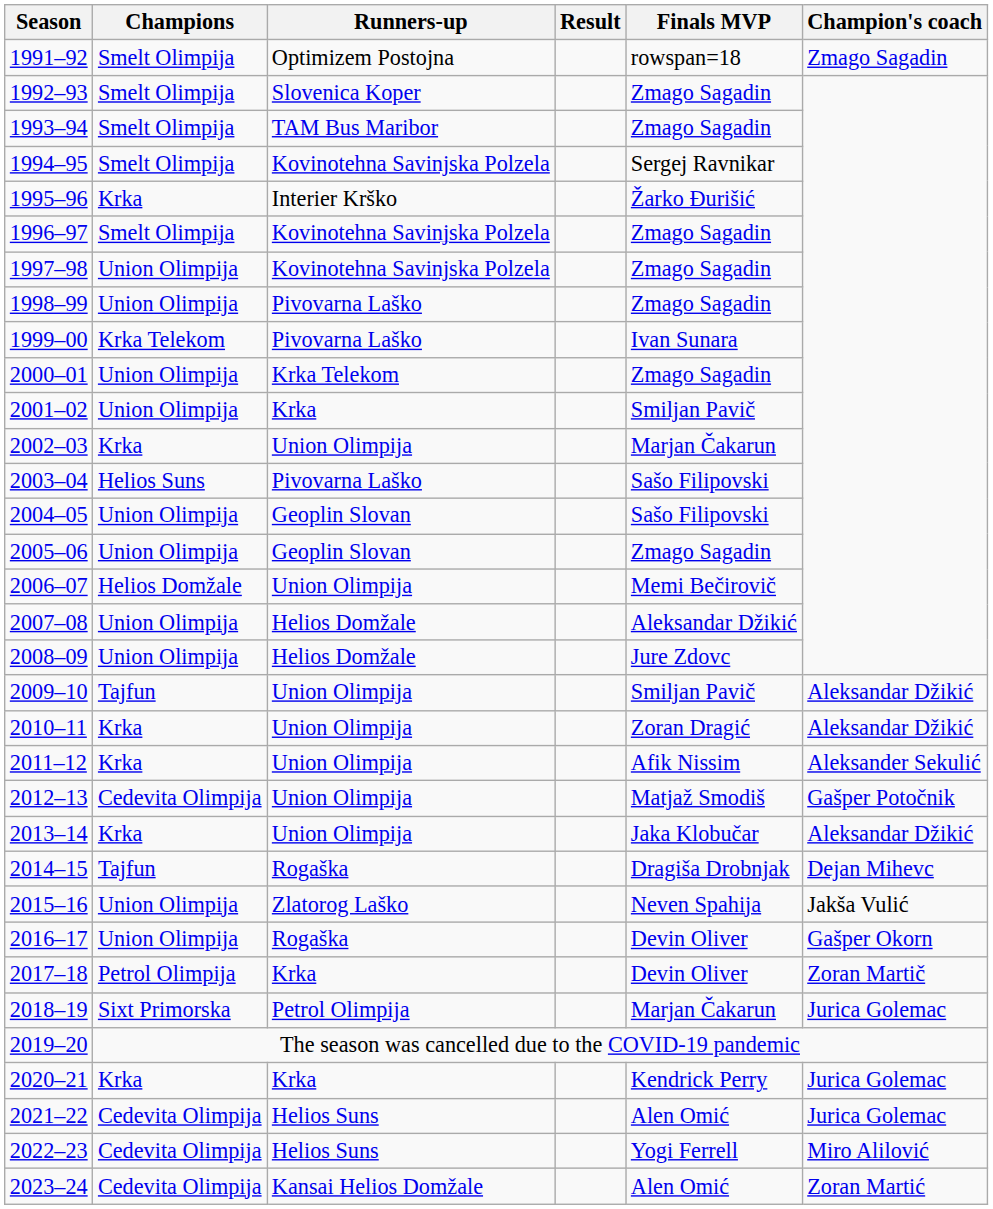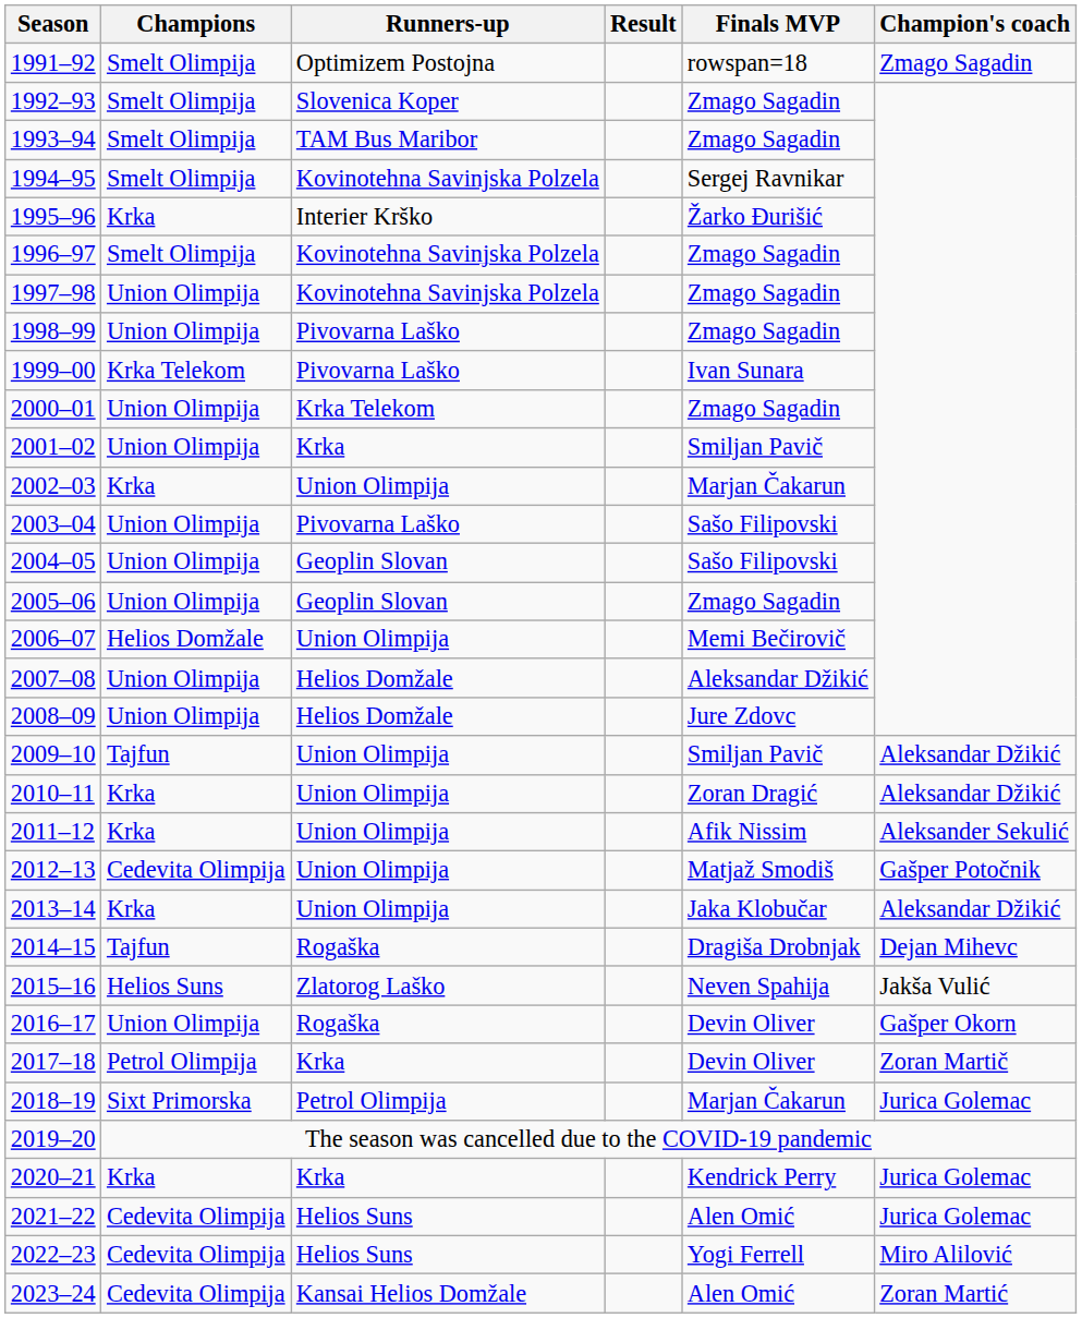 <table class="wikitable">
 <tr>
 <th>Season</th>
 <th>Champions</th>
 <th>Runners-up</th>
 <th>Result</th>
 <th>Finals MVP</th>
 <th>Champion's coach</th>
 </tr>
 <tr>
 <td><a href='#'>1991–92</a></td>
 <td><a href='#'>Smelt Olimpija</a></td>
 <td>Optimizem Postojna</td>
 <td></td>
 <td>rowspan=18 </td>
 <td> <a href='#'>Zmago Sagadin</a></td>
 </tr>
 <tr>
 <td><a href='#'>1992–93</a></td>
 <td><a href='#'>Smelt Olimpija</a></td>
 <td><a href='#'>Slovenica Koper</a></td>
 <td></td>
 <td> <a href='#'>Zmago Sagadin</a></td>
 </tr>
 <tr>
 <td><a href='#'>1993–94</a></td>
 <td><a href='#'>Smelt Olimpija</a></td>
 <td><a href='#'>TAM Bus Maribor</a></td>
 <td></td>
 <td> <a href='#'>Zmago Sagadin</a></td>
 </tr>
 <tr>
 <td><a href='#'>1994–95</a></td>
 <td><a href='#'>Smelt Olimpija</a></td>
 <td><a href='#'>Kovinotehna Savinjska Polzela</a></td>
 <td></td>
 <td> Sergej Ravnikar</td>
 </tr>
 <tr>
 <td><a href='#'>1995–96</a></td>
 <td><a href='#'>Krka</a></td>
 <td>Interier Krško</td>
 <td></td>
 <td>  <a href='#'>Žarko Đurišić</a></td>
 </tr>
 <tr>
 <td><a href='#'>1996–97</a></td>
 <td><a href='#'>Smelt Olimpija</a></td>
 <td><a href='#'>Kovinotehna Savinjska Polzela</a></td>
 <td></td>
 <td> <a href='#'>Zmago Sagadin</a></td>
 </tr>
 <tr>
 <td><a href='#'>1997–98</a></td>
 <td><a href='#'>Union Olimpija</a></td>
 <td><a href='#'>Kovinotehna Savinjska Polzela</a></td>
 <td></td>
 <td> <a href='#'>Zmago Sagadin</a></td>
 </tr>
 <tr>
 <td><a href='#'>1998–99</a></td>
 <td><a href='#'>Union Olimpija</a></td>
 <td><a href='#'>Pivovarna Laško</a></td>
 <td></td>
 <td> <a href='#'>Zmago Sagadin</a></td>
 </tr>
 <tr>
 <td><a href='#'>1999–00</a></td>
 <td><a href='#'>Krka Telekom</a></td>
 <td><a href='#'>Pivovarna Laško</a></td>
 <td></td>
 <td>  <a href='#'>Ivan Sunara</a></td>
 </tr>
 <tr>
 <td><a href='#'>2000–01</a></td>
 <td><a href='#'>Union Olimpija</a></td>
 <td><a href='#'>Krka Telekom</a></td>
 <td></td>
 <td> <a href='#'>Zmago Sagadin</a></td>
 </tr>
 <tr>
 <td><a href='#'>2001–02</a></td>
 <td><a href='#'>Union Olimpija</a></td>
 <td><a href='#'>Krka</a></td>
 <td></td>
 <td> <a href='#'>Smiljan Pavič</a></td>
 </tr>
 <tr>
 <td><a href='#'>2002–03</a></td>
 <td><a href='#'>Krka</a></td>
 <td><a href='#'>Union Olimpija</a></td>
 <td></td>
 <td> <a href='#'>Marjan Čakarun</a></td>
 </tr>
 <tr>
 <td><a href='#'>2003–04</a></td>
-<td><a href='#'>Helios Suns</a></td>
+<td><a href='#'>Union Olimpija</a></td>
 <td><a href='#'>Pivovarna Laško</a></td>
 <td></td>
 <td> <a href='#'>Sašo Filipovski</a></td>
 </tr>
 <tr>
 <td><a href='#'>2004–05</a></td>
 <td><a href='#'>Union Olimpija</a></td>
 <td><a href='#'>Geoplin Slovan</a></td>
 <td></td>
 <td> <a href='#'>Sašo Filipovski</a></td>
 </tr>
 <tr>
 <td><a href='#'>2005–06</a></td>
 <td><a href='#'>Union Olimpija</a></td>
 <td><a href='#'>Geoplin Slovan</a></td>
 <td></td>
 <td> <a href='#'>Zmago Sagadin</a></td>
 </tr>
 <tr>
 <td><a href='#'>2006–07</a></td>
 <td><a href='#'>Helios Domžale</a></td>
 <td><a href='#'>Union Olimpija</a></td>
 <td></td>
 <td> <a href='#'>Memi Bečirovič</a></td>
 </tr>
 <tr>
 <td><a href='#'>2007–08</a></td>
 <td><a href='#'>Union Olimpija</a></td>
 <td><a href='#'>Helios Domžale</a></td>
 <td></td>
 <td> <a href='#'>Aleksandar Džikić</a></td>
 </tr>
 <tr>
 <td><a href='#'>2008–09</a></td>
 <td><a href='#'>Union Olimpija</a></td>
 <td><a href='#'>Helios Domžale</a></td>
 <td></td>
 <td> <a href='#'>Jure Zdovc</a></td>
 </tr>
 <tr>
 <td><a href='#'>2009–10</a></td>
 <td><a href='#'>Tajfun</a></td>
 <td><a href='#'>Union Olimpija</a></td>
 <td></td>
 <td> <a href='#'>Smiljan Pavič</a></td>
 <td> <a href='#'>Aleksandar Džikić</a></td>
 </tr>
 <tr>
 <td><a href='#'>2010–11</a></td>
 <td><a href='#'>Krka</a></td>
 <td><a href='#'>Union Olimpija</a></td>
 <td></td>
 <td> <a href='#'>Zoran Dragić</a></td>
 <td> <a href='#'>Aleksandar Džikić</a></td>
 </tr>
 <tr>
 <td><a href='#'>2011–12</a></td>
 <td><a href='#'>Krka</a></td>
 <td><a href='#'>Union Olimpija</a></td>
 <td></td>
 <td> <a href='#'>Afik Nissim</a></td>
 <td> <a href='#'>Aleksander Sekulić</a></td>
 </tr>
 <tr>
 <td><a href='#'>2012–13</a></td>
 <td><a href='#'>Cedevita Olimpija</a></td>
 <td><a href='#'>Union Olimpija</a></td>
 <td></td>
 <td> <a href='#'>Matjaž Smodiš</a></td>
 <td> <a href='#'>Gašper Potočnik</a></td>
 </tr>
 <tr>
 <td><a href='#'>2013–14</a></td>
 <td><a href='#'>Krka</a></td>
 <td><a href='#'>Union Olimpija</a></td>
 <td></td>
 <td> <a href='#'>Jaka Klobučar</a></td>
 <td> <a href='#'>Aleksandar Džikić</a></td>
 </tr>
 <tr>
 <td><a href='#'>2014–15</a></td>
 <td><a href='#'>Tajfun</a></td>
 <td><a href='#'>Rogaška</a></td>
 <td></td>
 <td> <a href='#'>Dragiša Drobnjak</a></td>
 <td> <a href='#'>Dejan Mihevc</a></td>
 </tr>
 <tr>
 <td><a href='#'>2015–16</a></td>
-<td><a href='#'>Union Olimpija</a></td>
+<td><a href='#'>Helios Suns</a></td>
 <td><a href='#'>Zlatorog Laško</a></td>
 <td></td>
 <td> <a href='#'>Neven Spahija</a></td>
 <td> Jakša Vulić</td>
 </tr>
 <tr>
 <td><a href='#'>2016–17</a></td>
 <td><a href='#'>Union Olimpija</a></td>
 <td><a href='#'>Rogaška</a></td>
 <td></td>
 <td> <a href='#'>Devin Oliver</a></td>
 <td> <a href='#'>Gašper Okorn</a></td>
 </tr>
 <tr>
 <td><a href='#'>2017–18</a></td>
 <td><a href='#'>Petrol Olimpija</a></td>
 <td><a href='#'>Krka</a></td>
 <td></td>
 <td> <a href='#'>Devin Oliver</a></td>
 <td> <a href='#'>Zoran Martič</a></td>
 </tr>
 <tr>
 <td><a href='#'>2018–19</a></td>
 <td><a href='#'>Sixt Primorska</a></td>
 <td><a href='#'>Petrol Olimpija</a></td>
 <td></td>
 <td> <a href='#'>Marjan Čakarun</a></td>
 <td> <a href='#'>Jurica Golemac</a></td>
 </tr>
 <tr>
 <td><a href='#'>2019–20</a></td>
 <td colspan="5" style="text-align:center;">The season was cancelled due to the <a href='#'>COVID-19 pandemic</a></td>
 </tr>
 <tr>
 <td><a href='#'>2020–21</a></td>
 <td><a href='#'>Krka</a></td>
 <td><a href='#'>Krka</a></td>
 <td></td>
 <td> <a href='#'>Kendrick Perry</a></td>
 <td> <a href='#'>Jurica Golemac</a></td>
 </tr>
 <tr>
 <td><a href='#'>2021–22</a></td>
 <td><a href='#'>Cedevita Olimpija</a></td>
 <td><a href='#'>Helios Suns</a></td>
 <td></td>
 <td> <a href='#'>Alen Omić</a></td>
 <td> <a href='#'>Jurica Golemac</a></td>
 </tr>
 <tr>
 <td><a href='#'>2022–23</a></td>
 <td><a href='#'>Cedevita Olimpija</a></td>
 <td><a href='#'>Helios Suns</a></td>
 <td></td>
 <td> <a href='#'>Yogi Ferrell</a></td>
 <td> <a href='#'>Miro Alilović</a></td>
 </tr>
 <tr>
 <td><a href='#'>2023–24</a></td>
 <td><a href='#'>Cedevita Olimpija</a></td>
 <td><a href='#'>Kansai Helios Domžale</a></td>
 <td></td>
 <td> <a href='#'>Alen Omić</a></td>
 <td> <a href='#'>Zoran Martić</a></td>
 </tr>
 </table>
